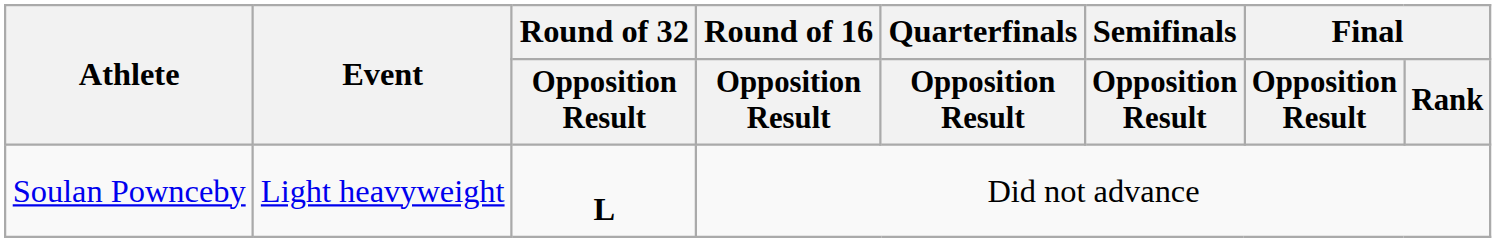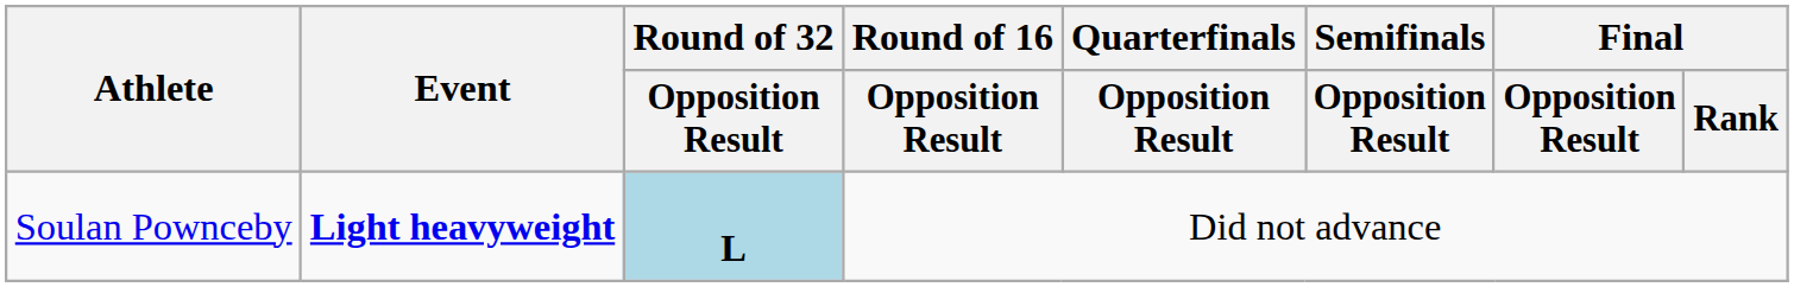 <table class="wikitable" style="font-size:90%">
 <tr>
 <th rowspan="2">Athlete</th>
 <th rowspan="2">Event</th>
 <th>Round of 32</th>
 <th>Round of 16</th>
 <th>Quarterfinals</th>
 <th>Semifinals</th>
 <th colspan=2>Final</th>
 </tr>
 <tr style="font-size:95%">
 <th>Opposition<br>Result</th>
 <th>Opposition<br>Result</th>
 <th>Opposition<br>Result</th>
 <th>Opposition<br>Result</th>
 <th>Opposition<br>Result</th>
 <th>Rank</th>
 </tr>
 <tr align=center>
 <td align=left><a href='#'>Soulan Pownceby</a></td>
-<td align=left><a href='#'>Light heavyweight</a></td>
-<td><br><strong>L</strong> </td>
+<td align=left><strong><a href='#'>Light heavyweight</a></strong></td>
+<td style="background: lightblue;"><br><strong>L</strong> </td>
 <td colspan=5>Did not advance</td>
 </tr>
 </table>
